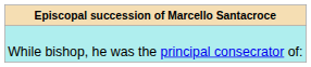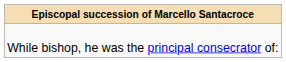 <table role="presentation" class="wikitable mw-collapsible mw-collapsed"|>
 <tr>
 <th style="background:#F5DEB3"><small>Episcopal succession of Marcello Santacroce</small></th>
 </tr>
 <tr>
-<td style="background: paleturquoise;"><br>While bishop, he was the <a href='#'>principal consecrator</a> of: </td>
+<td><br>While bishop, he was the <a href='#'>principal consecrator</a> of: </td>
 </tr>
 </table>
